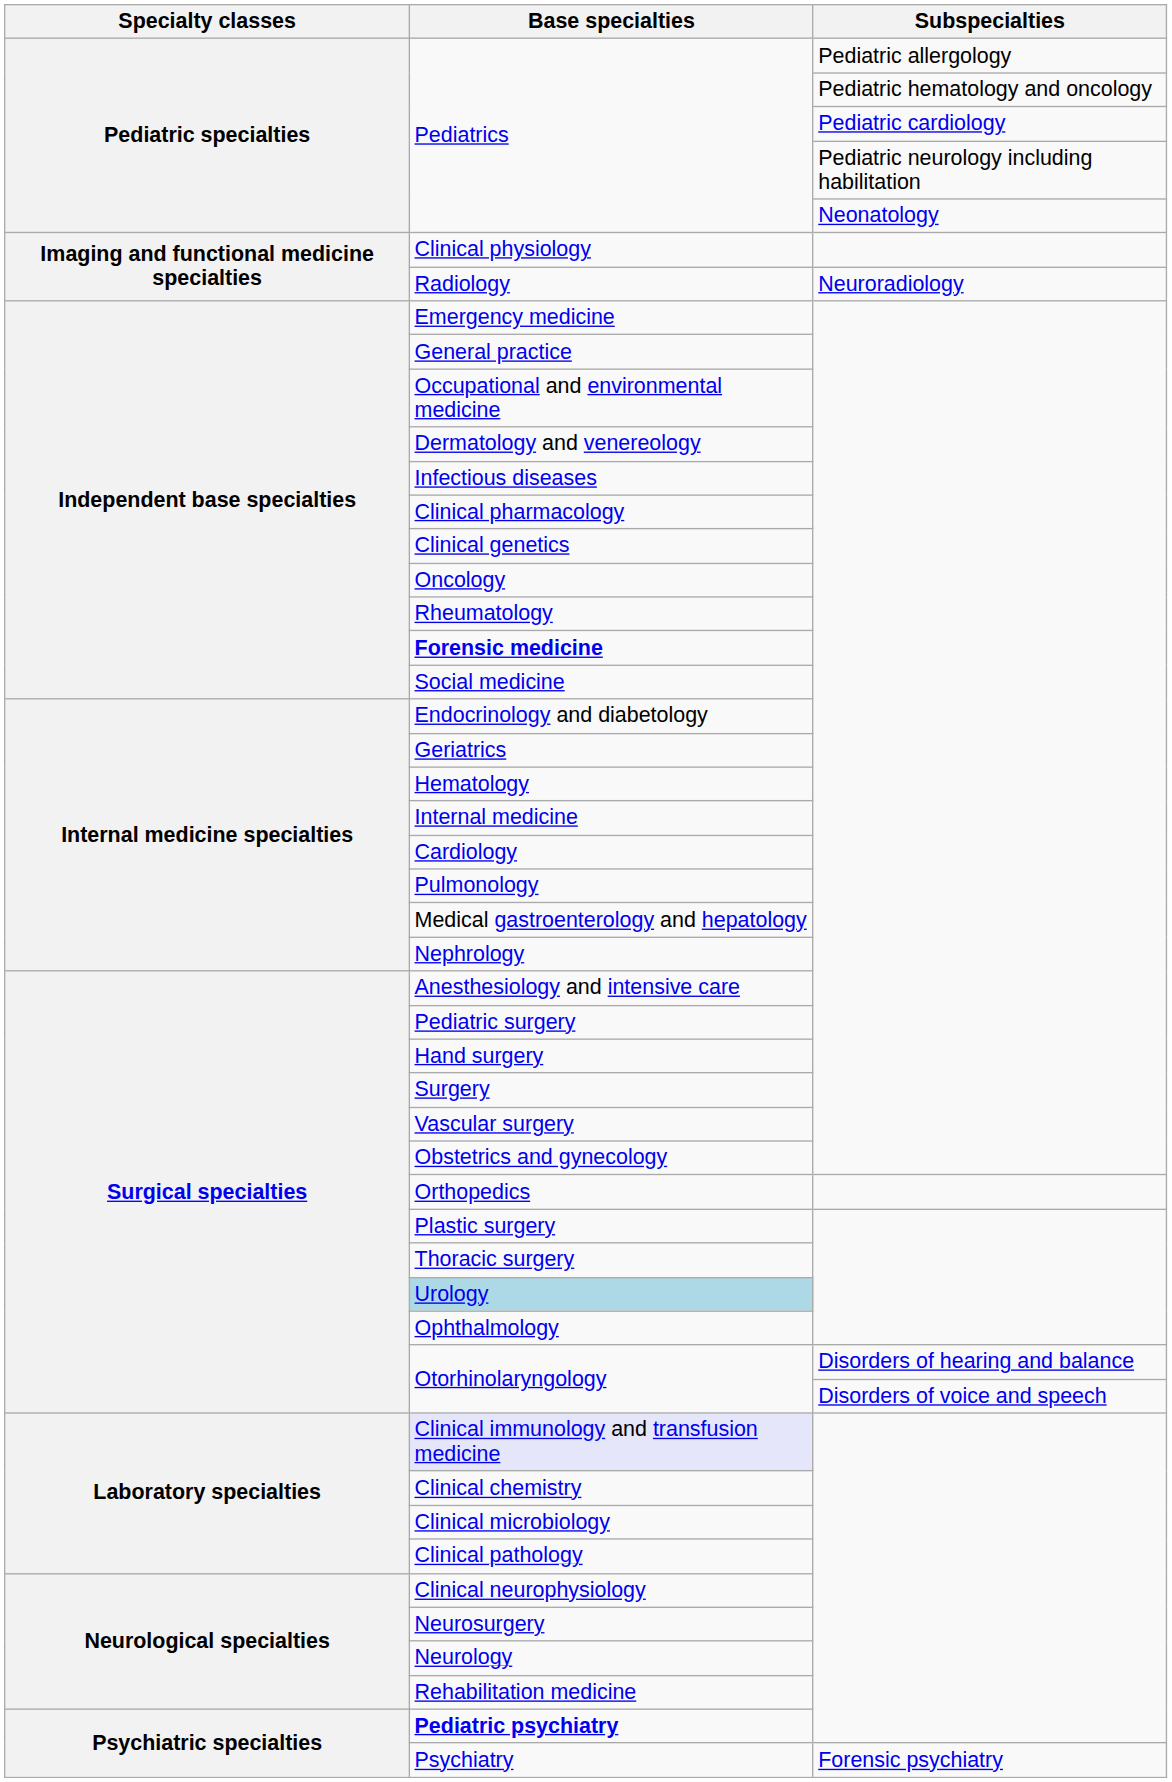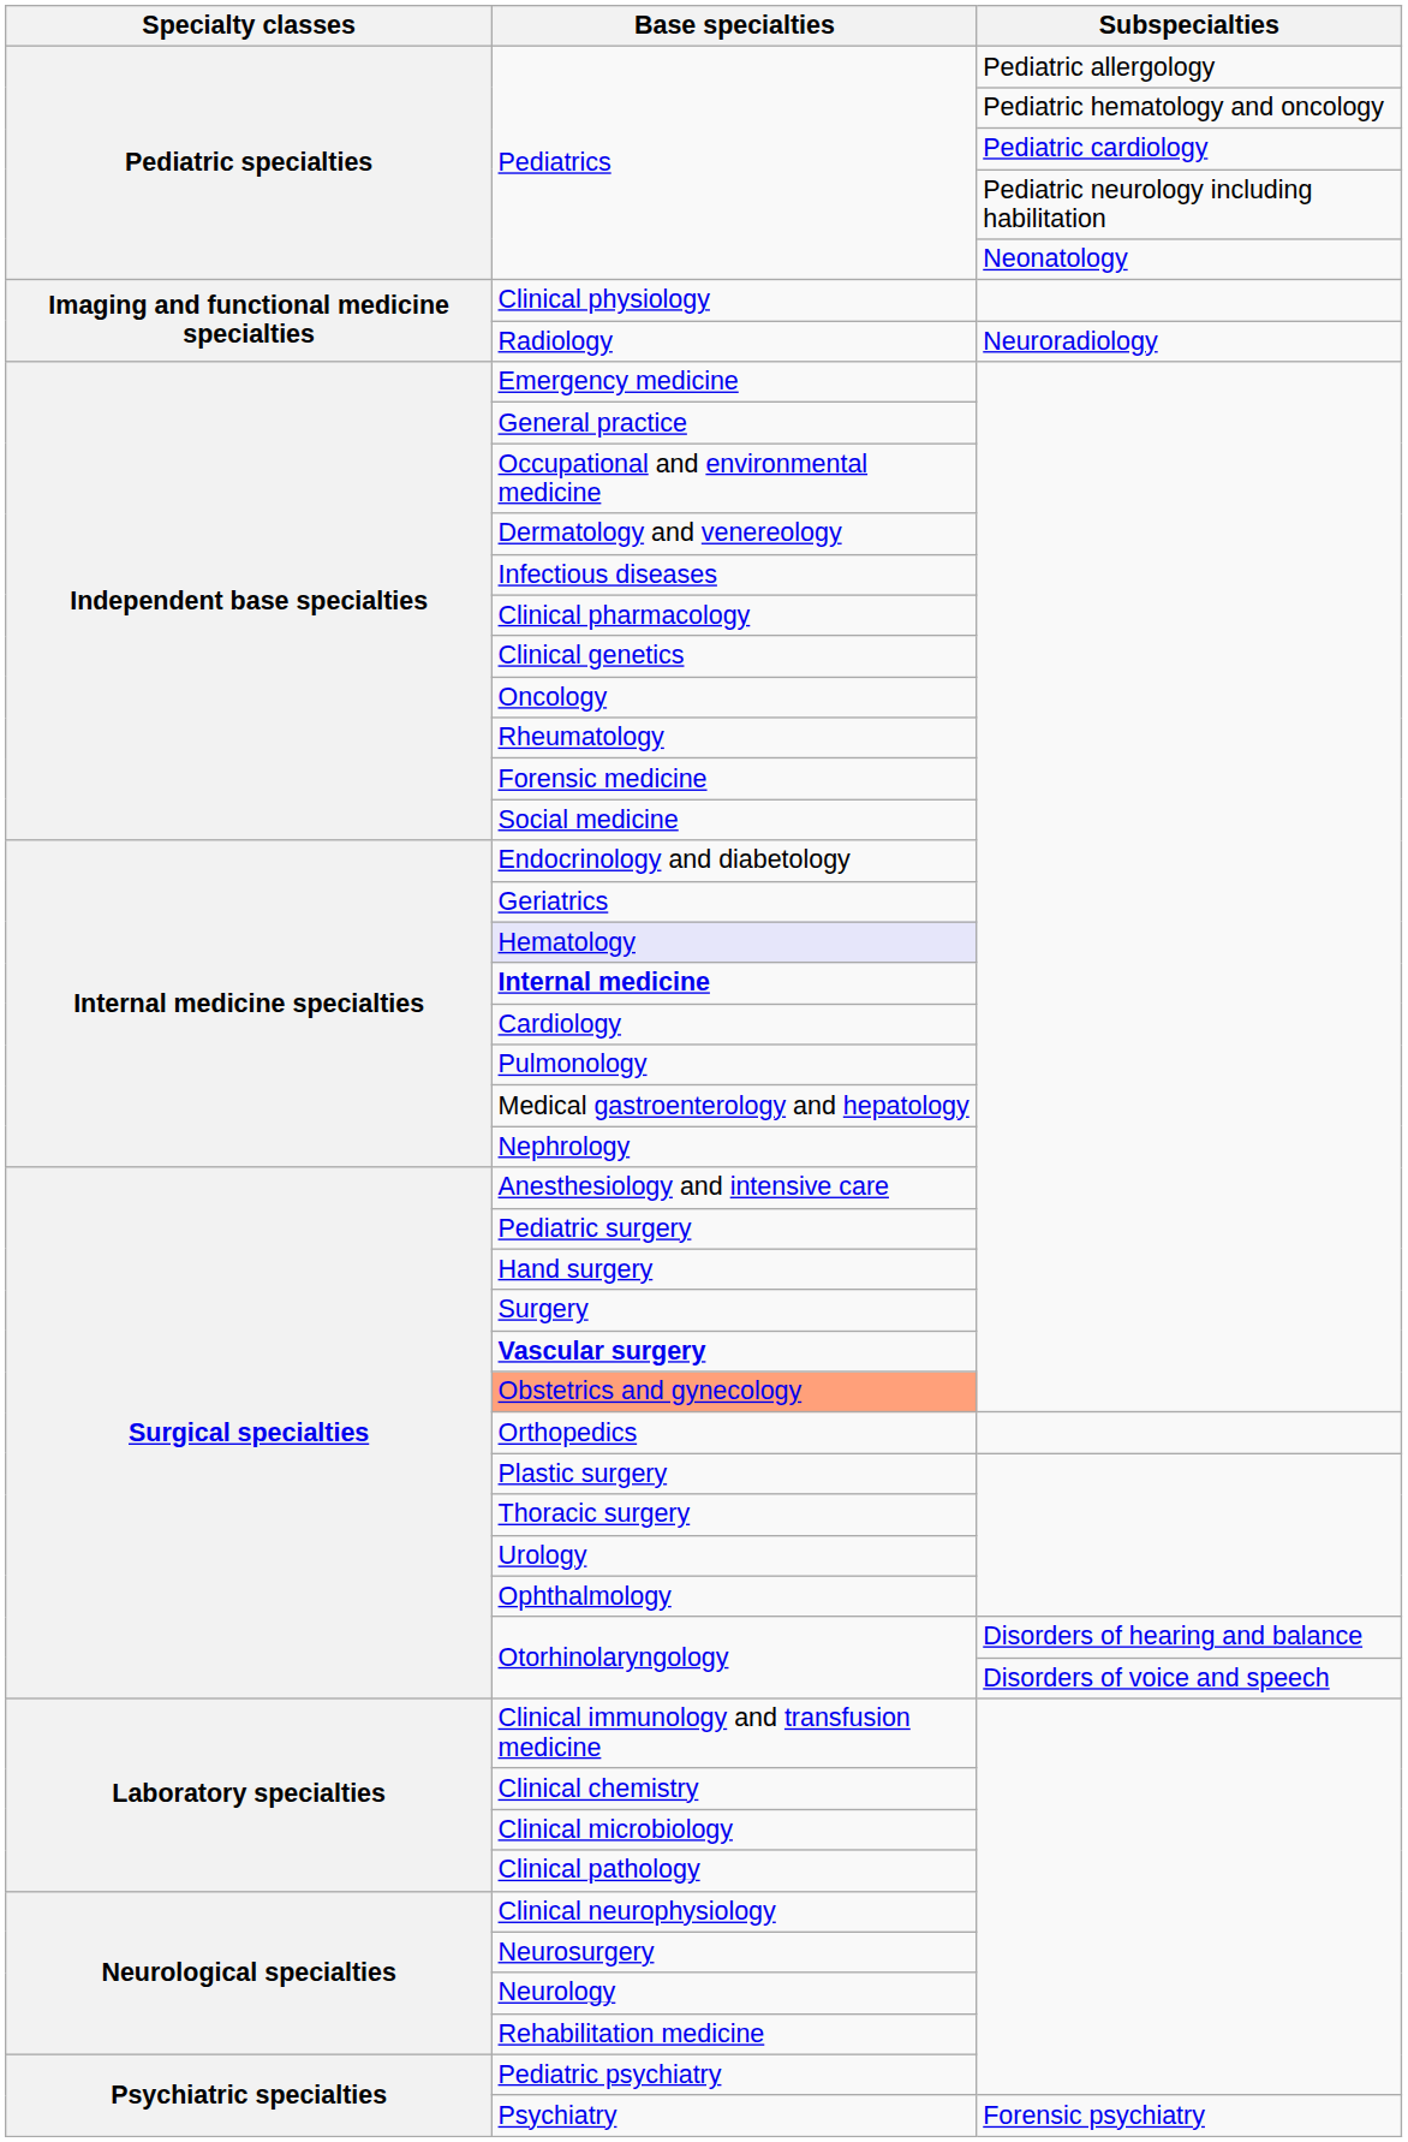 <table class="wikitable">
 <tr>
 <th>Specialty classes</th>
 <th>Base specialties</th>
 <th>Subspecialties</th>
 </tr>
 <tr>
 <th rowspan="5">Pediatric specialties</th>
 <td rowspan="5"><a href='#'>Pediatrics</a></td>
 <td>Pediatric allergology</td>
 </tr>
 <tr>
 <td>Pediatric hematology and oncology</td>
 </tr>
 <tr>
 <td><a href='#'>Pediatric cardiology</a></td>
 </tr>
 <tr>
 <td>Pediatric neurology including habilitation</td>
 </tr>
 <tr>
 <td><a href='#'>Neonatology</a></td>
 </tr>
 <tr>
 <th rowspan="2">Imaging and functional medicine specialties</th>
 <td><a href='#'>Clinical physiology</a></td>
 </tr>
 <tr>
 <td><a href='#'>Radiology</a></td>
 <td><a href='#'>Neuroradiology</a></td>
 </tr>
 <tr>
 <th rowspan="11">Independent base specialties</th>
 <td><a href='#'>Emergency medicine</a></td>
 </tr>
 <tr>
 <td><a href='#'>General practice</a></td>
 </tr>
 <tr>
 <td><a href='#'>Occupational</a> and <a href='#'>environmental medicine</a></td>
 </tr>
 <tr>
 <td><a href='#'>Dermatology</a> and <a href='#'>venereology</a></td>
 </tr>
 <tr>
 <td><a href='#'>Infectious diseases</a></td>
 </tr>
 <tr>
 <td><a href='#'>Clinical pharmacology</a></td>
 </tr>
 <tr>
 <td><a href='#'>Clinical genetics</a></td>
 </tr>
 <tr>
 <td><a href='#'>Oncology</a></td>
 </tr>
 <tr>
 <td><a href='#'>Rheumatology</a></td>
 </tr>
 <tr>
-<td><strong><a href='#'>Forensic medicine</a></strong></td>
+<td><a href='#'>Forensic medicine</a></td>
 </tr>
 <tr>
 <td><a href='#'>Social medicine</a></td>
 </tr>
 <tr>
 <th rowspan="8">Internal medicine specialties</th>
 <td><a href='#'>Endocrinology</a> and diabetology</td>
 </tr>
 <tr>
 <td><a href='#'>Geriatrics</a></td>
 </tr>
 <tr>
-<td><a href='#'>Hematology</a></td>
+<td style="background: lavender;"><a href='#'>Hematology</a></td>
 </tr>
 <tr>
-<td><a href='#'>Internal medicine</a></td>
+<td><strong><a href='#'>Internal medicine</a></strong></td>
 </tr>
 <tr>
 <td><a href='#'>Cardiology</a></td>
 </tr>
 <tr>
 <td><a href='#'>Pulmonology</a></td>
 </tr>
 <tr>
 <td>Medical <a href='#'>gastroenterology</a> and <a href='#'>hepatology</a></td>
 </tr>
 <tr>
 <td><a href='#'>Nephrology</a></td>
 </tr>
 <tr>
 <th rowspan="13"><a href='#'>Surgical specialties</a></th>
 <td><a href='#'>Anesthesiology</a> and <a href='#'>intensive care</a></td>
 </tr>
 <tr>
 <td><a href='#'>Pediatric surgery</a></td>
 </tr>
 <tr>
 <td><a href='#'>Hand surgery</a></td>
 </tr>
 <tr>
 <td><a href='#'>Surgery</a></td>
 </tr>
 <tr>
-<td><a href='#'>Vascular surgery</a></td>
+<td><strong><a href='#'>Vascular surgery</a></strong></td>
 </tr>
 <tr>
-<td><a href='#'>Obstetrics and gynecology</a></td>
+<td style="background: lightsalmon;"><a href='#'>Obstetrics and gynecology</a></td>
 </tr>
 <tr>
 <td><a href='#'>Orthopedics</a></td>
 <td></td>
 </tr>
 <tr>
 <td><a href='#'>Plastic surgery</a></td>
 </tr>
 <tr>
 <td><a href='#'>Thoracic surgery</a></td>
 </tr>
 <tr>
-<td style="background: lightblue;"><a href='#'>Urology</a></td>
+<td><a href='#'>Urology</a></td>
 </tr>
 <tr>
 <td><a href='#'>Ophthalmology</a></td>
 </tr>
 <tr>
 <td rowspan="2"><a href='#'>Otorhinolaryngology</a></td>
 <td><a href='#'>Disorders of hearing and balance</a></td>
 </tr>
 <tr>
 <td><a href='#'>Disorders of voice and speech</a></td>
 </tr>
 <tr>
 <th rowspan="4">Laboratory specialties</th>
-<td style="background: lavender;"><a href='#'>Clinical immunology</a> and <a href='#'>transfusion medicine</a></td>
+<td><a href='#'>Clinical immunology</a> and <a href='#'>transfusion medicine</a></td>
 </tr>
 <tr>
 <td><a href='#'>Clinical chemistry</a></td>
 </tr>
 <tr>
 <td><a href='#'>Clinical microbiology</a></td>
 </tr>
 <tr>
 <td><a href='#'>Clinical pathology</a></td>
 </tr>
 <tr>
 <th rowspan="4">Neurological specialties</th>
 <td><a href='#'>Clinical neurophysiology</a></td>
 </tr>
 <tr>
 <td><a href='#'>Neurosurgery</a></td>
 </tr>
 <tr>
 <td><a href='#'>Neurology</a></td>
 </tr>
 <tr>
 <td><a href='#'>Rehabilitation medicine</a></td>
 </tr>
 <tr>
 <th rowspan="2">Psychiatric specialties</th>
-<td><strong><a href='#'>Pediatric psychiatry</a></strong></td>
+<td><a href='#'>Pediatric psychiatry</a></td>
 </tr>
 <tr>
 <td><a href='#'>Psychiatry</a></td>
 <td><a href='#'>Forensic psychiatry</a></td>
 </tr>
 </table>
